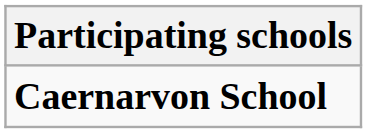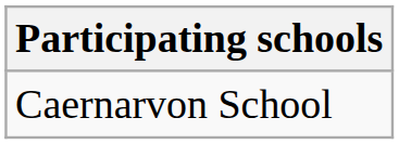 <table class="wikitable" align=right>
 <tr>
 <th>Participating schools</th>
 </tr>
 <tr>
-<td><strong>Caernarvon School</strong></td>
+<td>Caernarvon School</td>
 </tr>
 </table>
